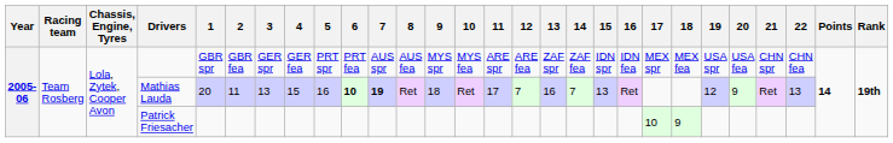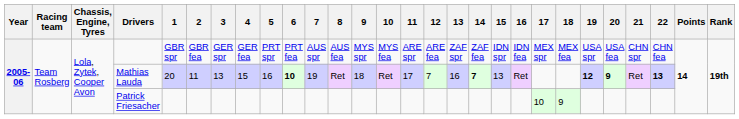 <table class="wikitable" style="font-size: 85%">
 <tr>
 <th>Year</th>
 <th width="4%">Racing<br>team</th>
 <th width="4%">Chassis,<br>Engine,<br>Tyres</th>
 <th>Drivers</th>
 <th width="2%">1</th>
 <th width="2%">2</th>
 <th width="2%">3</th>
 <th width="2%">4</th>
 <th width="2%">5</th>
 <th width="2%">6</th>
 <th width="2%">7</th>
 <th width="2%">8</th>
 <th width="2%">9</th>
 <th width="2%">10</th>
 <th width="2%">11</th>
 <th width="2%">12</th>
 <th width="2%">13</th>
 <th width="2%">14</th>
 <th width="2%">15</th>
 <th width="2%">16</th>
 <th width="2%">17</th>
 <th width="2%">18</th>
 <th width="2%">19</th>
 <th width="2%">20</th>
 <th width="2%">21</th>
 <th width="2%">22</th>
 <th>Points</th>
 <th>Rank</th>
 </tr>
 <tr>
 <th rowspan=3><a href='#'>2005-06</a></th>
 <td rowspan=3><a href='#'>Team Rosberg</a></td>
 <td rowspan=3><a href='#'>Lola</a>,<br><a href='#'>Zytek</a>,<br><a href='#'>Cooper Avon</a></td>
 <td></td>
 <td><a href='#'>GBR spr</a></td>
 <td><a href='#'>GBR fea</a></td>
 <td><a href='#'>GER spr</a></td>
 <td><a href='#'>GER fea</a></td>
 <td><a href='#'>PRT spr</a></td>
 <td><a href='#'>PRT fea</a></td>
 <td><a href='#'>AUS spr</a></td>
 <td><a href='#'>AUS fea</a></td>
 <td><a href='#'>MYS spr</a></td>
 <td><a href='#'>MYS fea</a></td>
 <td><a href='#'>ARE spr</a></td>
 <td><a href='#'>ARE fea</a></td>
 <td><a href='#'>ZAF spr</a></td>
 <td><a href='#'>ZAF fea</a></td>
 <td><a href='#'>IDN spr</a></td>
 <td><a href='#'>IDN fea</a></td>
 <td><a href='#'>MEX spr</a></td>
 <td><a href='#'>MEX fea</a></td>
 <td><a href='#'>USA spr</a></td>
 <td><a href='#'>USA fea</a></td>
 <td><a href='#'>CHN spr</a></td>
 <td><a href='#'>CHN fea</a></td>
 <td rowspan=3><strong>14</strong></td>
 <td rowspan=3><strong>19th</strong></td>
 </tr>
 <tr>
 <td><a href='#'>Mathias Lauda</a></td>
 <td style="background:#CFCFFF;">20</td>
 <td style="background:#CFCFFF;">11</td>
 <td style="background:#CFCFFF;">13</td>
 <td style="background:#CFCFFF;">15</td>
 <td style="background:#CFCFFF;">16</td>
 <td style="background:#DFFFDF;"><strong>10</strong></td>
-<td style="background:#CFCFFF;"><strong>19</strong></td>
+<td style="background:#CFCFFF;">19</td>
 <td style="background:#EFCFFF;">Ret</td>
 <td style="background:#CFCFFF;">18</td>
 <td style="background:#EFCFFF;">Ret</td>
 <td style="background:#CFCFFF;">17</td>
 <td style="background:#DFFFDF;">7</td>
 <td style="background:#CFCFFF;">16</td>
-<td style="background:#DFFFDF;">7</td>
+<td style="background:#DFFFDF;"><strong>7</strong></td>
 <td style="background:#CFCFFF;">13</td>
 <td style="background:#EFCFFF;">Ret</td>
 <td></td>
 <td></td>
-<td style="background:#CFCFFF;">12</td>
-<td style="background:#DFFFDF;">9</td>
+<td style="background:#CFCFFF;"><strong>12</strong></td>
+<td style="background:#DFFFDF;"><strong>9</strong></td>
 <td style="background:#EFCFFF;">Ret</td>
-<td style="background:#CFCFFF;">13</td>
+<td style="background:#CFCFFF;"><strong>13</strong></td>
 </tr>
 <tr>
 <td><a href='#'>Patrick Friesacher</a></td>
 <td></td>
 <td></td>
 <td></td>
 <td></td>
 <td></td>
 <td></td>
 <td></td>
 <td></td>
 <td></td>
 <td></td>
 <td></td>
 <td></td>
 <td></td>
 <td></td>
 <td></td>
 <td></td>
 <td style="background:#DFFFDF;">10</td>
 <td style="background:#DFFFDF;">9</td>
 <td></td>
 <td></td>
 <td></td>
 <td></td>
 </tr>
 </table>
